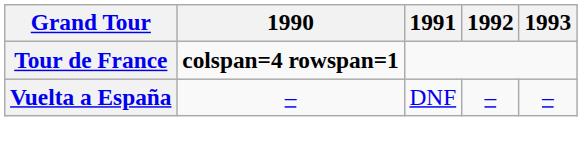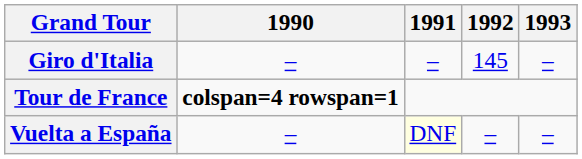 <table class="wikitable plainrowheaders">
 <tr>
 <th scope="col"><a href='#'>Grand Tour</a></th>
 <th scope="col">1990</th>
 <th scope="col">1991</th>
 <th scope="col">1992</th>
 <th scope="col">1993</th>
 </tr>
 <tr style="text-align:center;">
+<th scope="row"> <a href='#'>Giro d'Italia</a></th>
+<td style="text-align:center;"><a href='#'>–</a></td>
+<td style="text-align:center;"><a href='#'>–</a></td>
+<td style="text-align:center;"><a href='#'>145</a></td>
+<td style="text-align:center;"><a href='#'>–</a></td>
+</tr>
+<tr style="text-align:center;">
 <th scope="row"> <a href='#'>Tour de France</a></th>
 <td><strong>colspan=4 rowspan=1 </strong></td>
 </tr>
 <tr style="text-align:center;">
 <th scope="row"> <a href='#'>Vuelta a España</a></th>
 <td style="text-align:center;"><a href='#'>–</a></td>
-<td style="text-align:center;"><a href='#'>DNF</a></td>
+<td style="background: lightyellow; text-align:center;"><a href='#'>DNF</a></td>
 <td style="text-align:center;"><a href='#'>–</a></td>
 <td style="text-align:center;"><a href='#'>–</a></td>
 </tr>
 </table>
